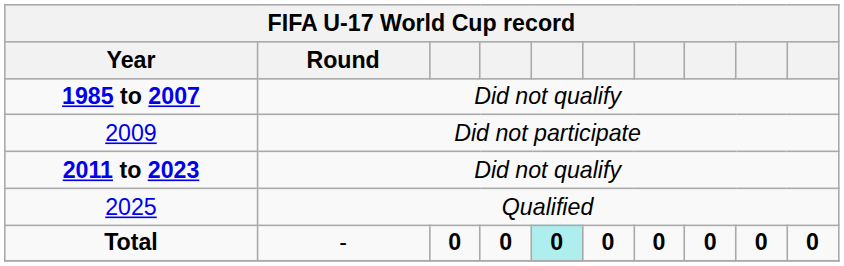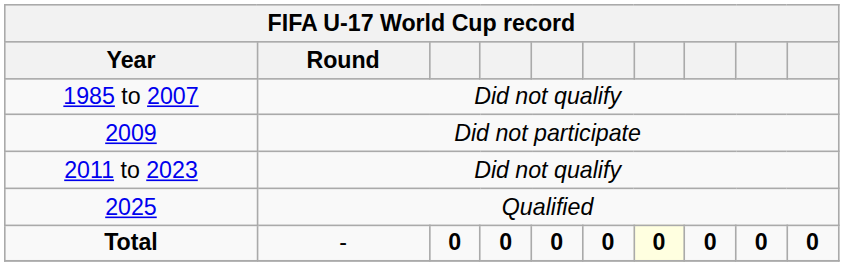 <table class="wikitable" style="text-align: center; font-size: 90%;">
 <tr>
 <th colspan=10>FIFA U-17 World Cup record</th>
 </tr>
 <tr>
 <th width=150>Year</th>
 <th width=100>Round</th>
 <th width=25></th>
 <th width=25></th>
 <th width=25></th>
 <th width=25></th>
 <th width=25></th>
 <th width=25></th>
 <th width=25></th>
 <th width=25></th>
 </tr>
 <tr>
-<td><strong> <a href='#'>1985</a> to  <a href='#'>2007</a></strong></td>
+<td> <a href='#'>1985</a> to  <a href='#'>2007</a></td>
 <td colspan=10><em>Did not qualify</em></td>
 </tr>
 <tr>
 <td> <a href='#'>2009</a></td>
 <td colspan=10><em>Did not participate</em></td>
 </tr>
 <tr>
-<td><strong> <a href='#'>2011</a> to  <a href='#'>2023</a></strong></td>
+<td> <a href='#'>2011</a> to  <a href='#'>2023</a></td>
 <td colspan=10><em>Did not qualify</em></td>
 </tr>
 <tr>
 <td> <a href='#'>2025</a></td>
 <td colspan=10><em>Qualified</em></td>
 </tr>
 <tr>
 <td><strong>Total</strong></td>
 <td>-</td>
 <td><strong>0</strong></td>
 <td><strong>0</strong></td>
-<td style="background: paleturquoise;"><strong>0</strong></td>
 <td><strong>0</strong></td>
 <td><strong>0</strong></td>
+<td style="background: lightyellow;"><strong>0</strong></td>
 <td><strong>0</strong></td>
 <td><strong>0</strong></td>
 <td><strong>0</strong></td>
 </tr>
 <tr>
 </tr>
 </table>
